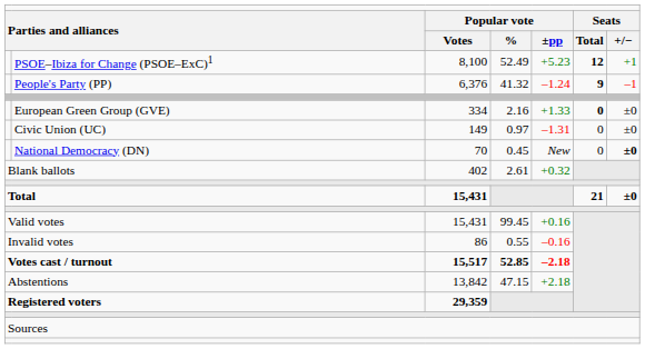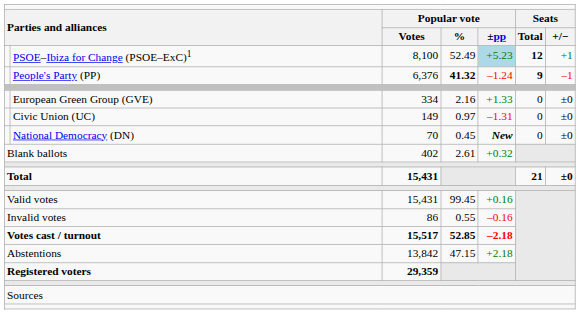 <table class="wikitable" style="text-align:right;">
 <tr>
 <td colspan="7"></td>
 </tr>
 <tr>
 <th style="text-align:left;" rowspan="2" colspan="2" width="525">Parties and alliances</th>
 <th colspan="3">Popular vote</th>
 <th colspan="2">Seats</th>
 </tr>
 <tr>
 <th width="75">Votes</th>
 <th width="45">%</th>
 <th width="45">±<a href='#'>pp</a></th>
 <th width="35">Total</th>
 <th width="35">+/−</th>
 </tr>
 <tr>
 <td width="1" style="color:inherit;background:"></td>
 <td align="left"><a href='#'>PSOE</a>–<a href='#'>Ibiza for Change</a> (PSOE–ExC)<sup>1</sup></td>
 <td>8,100</td>
 <td>52.49</td>
-<td style="color:green;">+5.23</td>
+<td style="background: lightblue; color:green;">+5.23</td>
 <td><strong>12</strong></td>
 <td style="color:green;">+1</td>
 </tr>
 <tr>
 <td style="color:inherit;background:"></td>
 <td align="left"><a href='#'>People's Party</a> (PP)</td>
 <td>6,376</td>
-<td>41.32</td>
+<td><strong>41.32</strong></td>
 <td style="color:red;">–1.24</td>
 <td><strong>9</strong></td>
 <td style="color:red;">–1</td>
 </tr>
 <tr>
 <td colspan="7" bgcolor="#C0C0C0"></td>
 </tr>
 <tr>
 <td style="color:inherit;background:"></td>
 <td align="left">European Green Group (GVE)</td>
 <td>334</td>
 <td>2.16</td>
 <td style="color:green;">+1.33</td>
-<td><strong>0</strong></td>
+<td>0</td>
 <td>±0</td>
 </tr>
 <tr>
 <td style="color:inherit;background:"></td>
 <td align="left">Civic Union (UC)</td>
 <td>149</td>
 <td>0.97</td>
 <td style="color:red;">–1.31</td>
 <td>0</td>
 <td>±0</td>
 </tr>
 <tr>
 <td style="color:inherit;background:"></td>
 <td align="left"><a href='#'>National Democracy</a> (DN)</td>
 <td>70</td>
 <td>0.45</td>
-<td><em>New</em></td>
+<td><strong><em>New</em></strong></td>
 <td>0</td>
-<td><strong>±0</strong></td>
+<td>±0</td>
 </tr>
 <tr>
 <td align="left" colspan="2">Blank ballots</td>
 <td>402</td>
 <td>2.61</td>
 <td style="color:green;">+0.32</td>
 <td bgcolor="#E9E9E9" colspan="2"></td>
 </tr>
 <tr>
 <td colspan="7" bgcolor="#E9E9E9"></td>
 </tr>
 <tr style="font-weight:bold;">
 <td align="left" colspan="2">Total</td>
 <td>15,431</td>
 <td bgcolor="#E9E9E9" colspan="2"></td>
 <td>21</td>
 <td>±0</td>
 </tr>
 <tr>
 <td colspan="7" bgcolor="#E9E9E9"></td>
 </tr>
 <tr>
 <td align="left" colspan="2">Valid votes</td>
 <td>15,431</td>
 <td>99.45</td>
 <td style="color:green;">+0.16</td>
 <td bgcolor="#E9E9E9" colspan="2" rowspan="5"></td>
 </tr>
 <tr>
 <td align="left" colspan="2">Invalid votes</td>
 <td>86</td>
 <td>0.55</td>
 <td style="color:red;">–0.16</td>
 </tr>
 <tr style="font-weight:bold;">
 <td align="left" colspan="2">Votes cast / turnout</td>
 <td>15,517</td>
 <td>52.85</td>
 <td style="color:red;">–2.18</td>
 </tr>
 <tr>
 <td align="left" colspan="2">Abstentions</td>
 <td>13,842</td>
 <td>47.15</td>
 <td style="color:green;">+2.18</td>
 </tr>
 <tr style="font-weight:bold;">
 <td align="left" colspan="2">Registered voters</td>
 <td>29,359</td>
 <td bgcolor="#E9E9E9" colspan="2"></td>
 </tr>
 <tr>
 <td colspan="7" bgcolor="#E9E9E9"></td>
 </tr>
 <tr>
 <td align="left" colspan="7">Sources</td>
 </tr>
 <tr>
 <td colspan="7" style="text-align:left; max-width:790px;"></td>
 </tr>
 </table>
